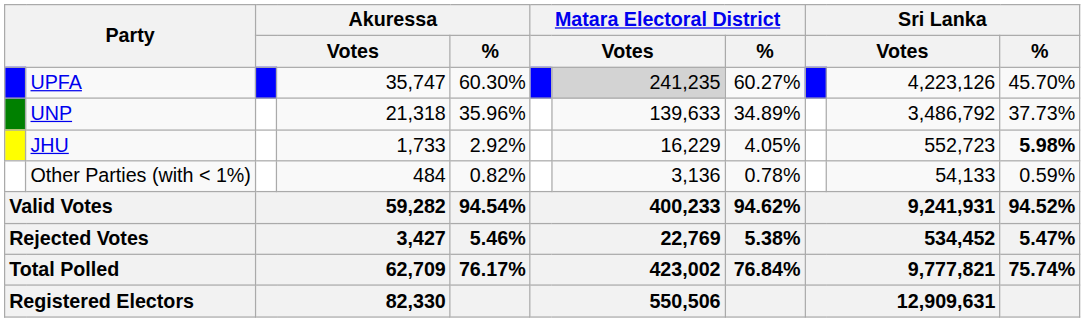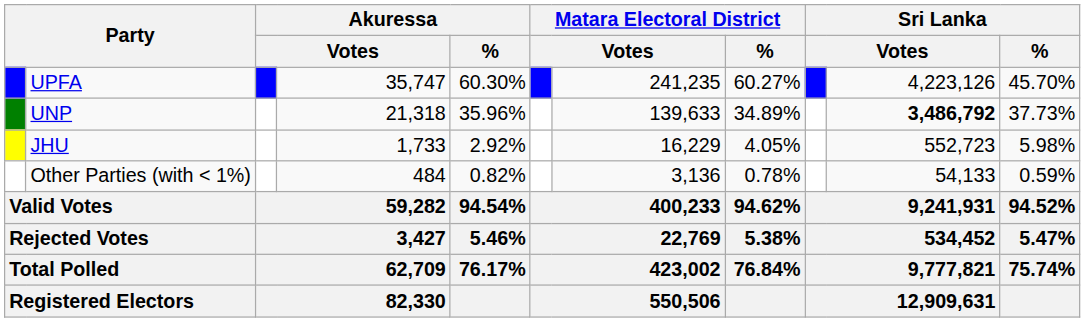 <table class="wikitable">
 <tr>
 <th colspan="2" width="144px"rowspan="2">Party</th>
 <th colspan="3" width="216px">Akuressa</th>
 <th colspan="3" width="216px"><a href='#'>Matara Electoral District</a></th>
 <th colspan="3" width="216px">Sri Lanka</th>
 </tr>
 <tr>
 <th colspan="2" width="144px">Votes</th>
 <th>%</th>
 <th colspan="2" width="144px">Votes</th>
 <th>%</th>
 <th colspan="2" width="144px">Votes</th>
 <th>%</th>
 </tr>
 <tr>
 <td style="background-color:blue;" width="10px"></td>
 <td style="text-align:left;"><a href='#'>UPFA</a></td>
 <td style="background-color:blue;" width="10px"></td>
 <td style="text-align:right;">35,747</td>
 <td style="text-align:right;">60.30%</td>
 <td style="background-color:blue;" width="10px"></td>
-<td style="background: lightgrey; text-align:right;">241,235</td>
+<td style="text-align:right;">241,235</td>
 <td style="text-align:right;">60.27%</td>
 <td style="background-color:blue;" width="10px"></td>
 <td style="text-align:right;">4,223,126</td>
 <td style="text-align:right;">45.70%</td>
 </tr>
 <tr>
 <td style="background-color:green;" width="10px"></td>
 <td style="text-align:left;"><a href='#'>UNP</a></td>
 <td style="background-color:white;" width="10px"></td>
 <td style="text-align:right;">21,318</td>
 <td style="text-align:right;">35.96%</td>
 <td style="background-color:white;" width="10px"></td>
 <td style="text-align:right;">139,633</td>
 <td style="text-align:right;">34.89%</td>
 <td style="background-color:white;" width="10px"></td>
-<td style="text-align:right;">3,486,792</td>
+<td style="text-align:right;"><strong>3,486,792</strong></td>
 <td style="text-align:right;">37.73%</td>
 </tr>
 <tr>
 <td style="background-color:yellow;" width="10px"></td>
 <td style="text-align:left;"><a href='#'>JHU</a></td>
 <td style="background-color:white;" width="10px"></td>
 <td style="text-align:right;">1,733</td>
 <td style="text-align:right;">2.92%</td>
 <td style="background-color:white;" width="10px"></td>
 <td style="text-align:right;">16,229</td>
 <td style="text-align:right;">4.05%</td>
 <td style="background-color:white;" width="10px"></td>
 <td style="text-align:right;">552,723</td>
-<td style="text-align:right;"><strong>5.98%</strong></td>
+<td style="text-align:right;">5.98%</td>
 </tr>
 <tr>
 <td style="background-color:white;" width="10px"></td>
 <td style="text-align:left;">Other Parties (with < 1%)</td>
 <td style="background-color:white;" width="10px"></td>
 <td style="text-align:right;">484</td>
 <td style="text-align:right;">0.82%</td>
 <td style="background-color:white;" width="10px"></td>
 <td style="text-align:right;">3,136</td>
 <td style="text-align:right;">0.78%</td>
 <td style="background-color:white;" width="10px"></td>
 <td style="text-align:right;">54,133</td>
 <td style="text-align:right;">0.59%</td>
 </tr>
 <tr>
 <th colspan="2" width="144px"style="text-align:left;">Valid Votes</th>
 <th style="text-align:right;"colspan="2" width="144px">59,282</th>
 <th style="text-align:right;">94.54%</th>
 <th style="text-align:right;"colspan="2" width="144px">400,233</th>
 <th style="text-align:right;">94.62%</th>
 <th style="text-align:right;"colspan="2" width="144px">9,241,931</th>
 <th style="text-align:right;">94.52%</th>
 </tr>
 <tr>
 <th colspan="2" width="144px"style="text-align:left;">Rejected Votes</th>
 <th style="text-align:right;"colspan="2" width="144px">3,427</th>
 <th style="text-align:right;">5.46%</th>
 <th style="text-align:right;"colspan="2" width="144px">22,769</th>
 <th style="text-align:right;">5.38%</th>
 <th style="text-align:right;"colspan="2" width="144px">534,452</th>
 <th style="text-align:right;">5.47%</th>
 </tr>
 <tr>
 <th colspan="2" width="144px"style="text-align:left;">Total Polled</th>
 <th style="text-align:right;"colspan="2" width="144px">62,709</th>
 <th style="text-align:right;">76.17%</th>
 <th style="text-align:right;"colspan="2" width="144px">423,002</th>
 <th style="text-align:right;">76.84%</th>
 <th style="text-align:right;"colspan="2" width="144px">9,777,821</th>
 <th style="text-align:right;">75.74%</th>
 </tr>
 <tr>
 <th colspan="2" width="144px"style="text-align:left;">Registered Electors</th>
 <th style="text-align:right;"colspan="2" width="144px">82,330</th>
 <th></th>
 <th style="text-align:right;"colspan="2" width="144px">550,506</th>
 <th></th>
 <th style="text-align:right;"colspan="2" width="144px">12,909,631</th>
 <th></th>
 </tr>
 </table>
